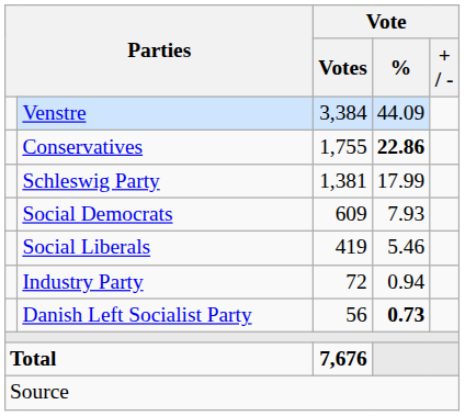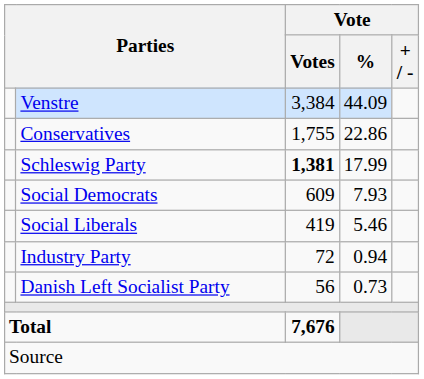 <table class="wikitable" style="text-align:right;">
 <tr>
 <th style="text-align:centre;" rowspan="2" colspan="2" width="225">Parties</th>
 <th colspan="3">Vote</th>
 </tr>
 <tr>
 <th width="15">Votes</th>
 <th width="15">%</th>
 <th width="15">+ / -</th>
 </tr>
 <tr>
 <td width="2" style="color:inherit;background:"></td>
 <td bgcolor=#cfe5fe  align="left"><a href='#'>Venstre</a></td>
 <td bgcolor=#cfe5fe>3,384</td>
 <td bgcolor=#cfe5fe>44.09</td>
 <td></td>
 </tr>
 <tr>
 <td width="2" style="color:inherit;background:"></td>
 <td align="left"><a href='#'>Conservatives</a></td>
 <td>1,755</td>
-<td><strong>22.86</strong></td>
+<td>22.86</td>
 <td></td>
 </tr>
 <tr>
 <td width="2" style="color:inherit;background:"></td>
 <td align="left"><a href='#'>Schleswig Party</a></td>
-<td>1,381</td>
+<td><strong>1,381</strong></td>
 <td>17.99</td>
 <td></td>
 </tr>
 <tr>
 <td width="2" style="color:inherit;background:"></td>
 <td align="left"><a href='#'>Social Democrats</a></td>
 <td>609</td>
 <td>7.93</td>
 <td></td>
 </tr>
 <tr>
 <td width="2" style="color:inherit;background:"></td>
 <td align="left"><a href='#'>Social Liberals</a></td>
 <td>419</td>
 <td>5.46</td>
 <td></td>
 </tr>
 <tr>
 <td width="2" style="color:inherit;background:"></td>
 <td align="left"><a href='#'>Industry Party</a></td>
 <td>72</td>
 <td>0.94</td>
 <td></td>
 </tr>
 <tr>
 <td width="2" style="color:inherit;background:"></td>
 <td align="left"><a href='#'>Danish Left Socialist Party</a></td>
 <td>56</td>
-<td><strong>0.73</strong></td>
+<td>0.73</td>
 <td></td>
 </tr>
 <tr>
 <td colspan="7" bgcolor="#E9E9E9"></td>
 </tr>
 <tr>
 <td align="left" colspan="2"><strong>Total</strong></td>
 <td><strong>7,676</strong></td>
 <td bgcolor="#E9E9E9" colspan="2"></td>
 </tr>
 <tr>
 <td align="left" colspan="6">Source</td>
 </tr>
 </table>
